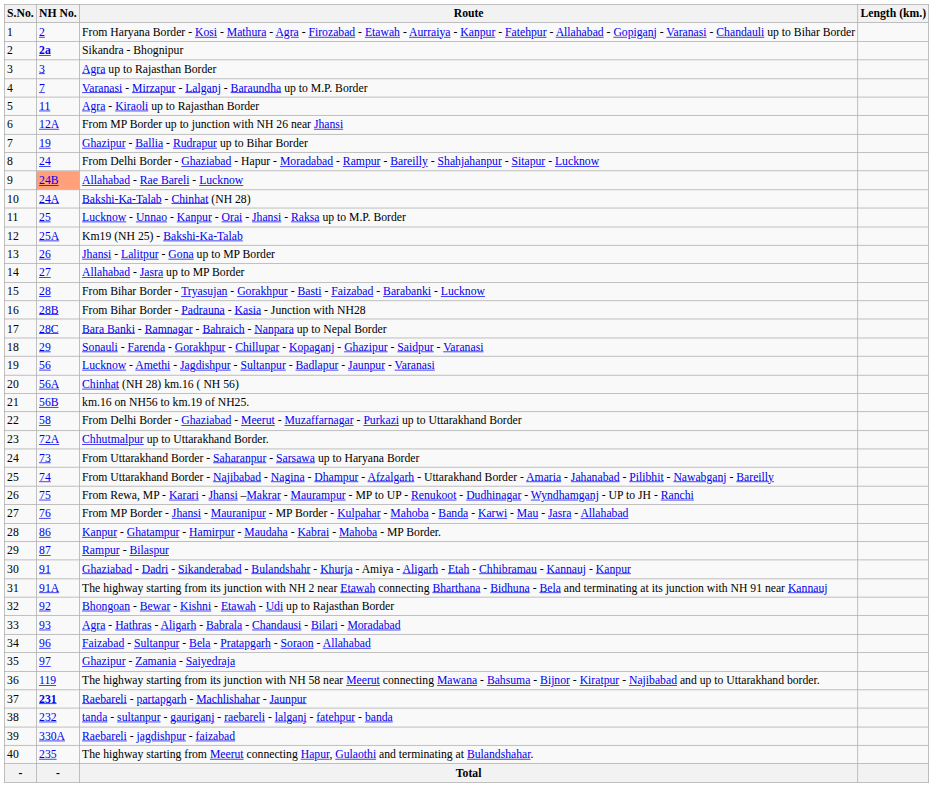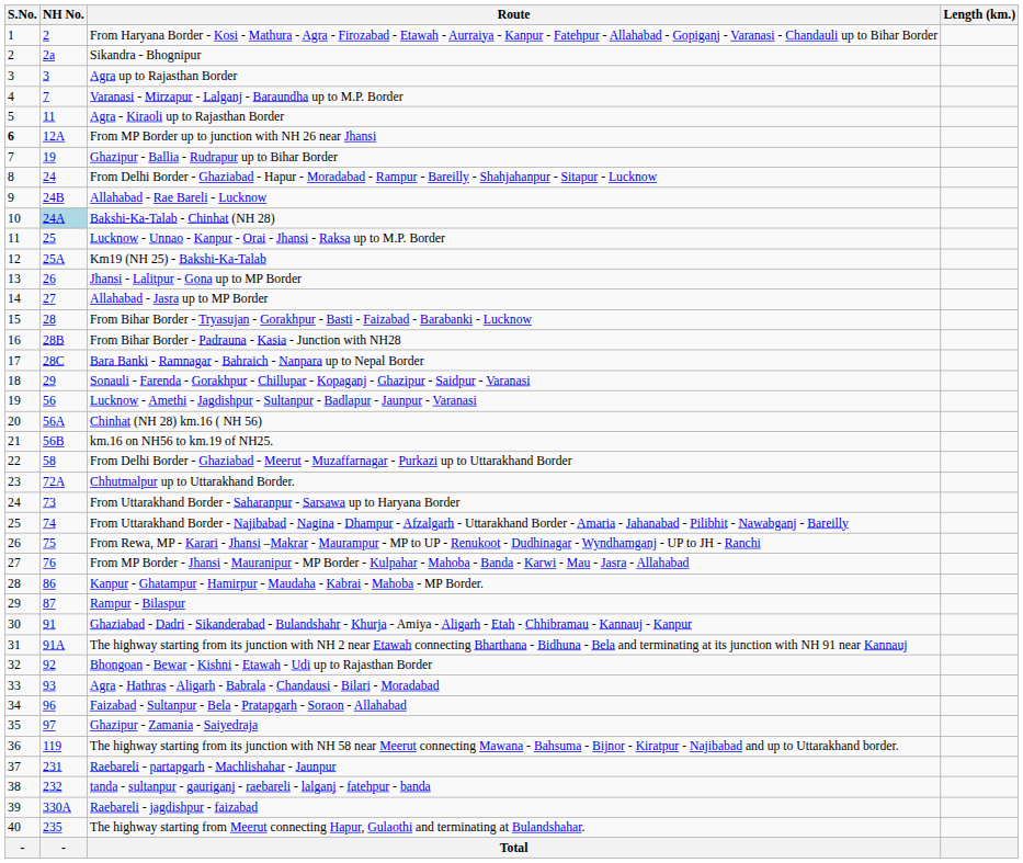 <table class="wikitable">
 <tr>
 <th>S.No.</th>
 <th>NH No.</th>
 <th>Route</th>
 <th>Length (km.)</th>
 </tr>
 <tr>
 <td>1</td>
 <td><a href='#'>2</a></td>
 <td>From Haryana Border - <a href='#'>Kosi</a> - <a href='#'>Mathura</a> - <a href='#'>Agra</a> - <a href='#'>Firozabad</a> - <a href='#'>Etawah</a> - <a href='#'>Aurraiya</a> - <a href='#'>Kanpur</a> - <a href='#'>Fatehpur</a> - <a href='#'>Allahabad</a> - <a href='#'>Gopiganj</a> - <a href='#'>Varanasi</a> - <a href='#'>Chandauli</a> up to Bihar Border</td>
 <td></td>
 </tr>
 <tr>
 <td>2</td>
-<td><strong><a href='#'>2a</a></strong></td>
+<td><a href='#'>2a</a></td>
 <td>Sikandra - Bhognipur</td>
 <td></td>
 </tr>
 <tr>
 <td>3</td>
 <td><a href='#'>3</a></td>
 <td><a href='#'>Agra</a> up to Rajasthan Border</td>
 <td></td>
 </tr>
 <tr>
 <td>4</td>
 <td><a href='#'>7</a></td>
 <td><a href='#'>Varanasi</a> - <a href='#'>Mirzapur</a> - <a href='#'>Lalganj</a> - <a href='#'>Baraundha</a> up to M.P. Border</td>
 <td></td>
 </tr>
 <tr>
 <td>5</td>
 <td><a href='#'>11</a></td>
 <td><a href='#'>Agra</a> - <a href='#'>Kiraoli</a> up to Rajasthan Border</td>
 <td></td>
 </tr>
 <tr>
-<td>6</td>
+<td><strong>6</strong></td>
 <td><a href='#'>12A</a></td>
 <td>From MP Border up to junction with NH 26 near <a href='#'>Jhansi</a></td>
 <td></td>
 </tr>
 <tr>
 <td>7</td>
 <td><a href='#'>19</a></td>
 <td><a href='#'>Ghazipur</a> - <a href='#'>Ballia</a> - <a href='#'>Rudrapur</a> up to Bihar Border</td>
 <td></td>
 </tr>
 <tr>
 <td>8</td>
 <td><a href='#'>24</a></td>
 <td>From Delhi Border - <a href='#'>Ghaziabad</a> - Hapur - <a href='#'>Moradabad</a> - <a href='#'>Rampur</a> - <a href='#'>Bareilly</a> - <a href='#'>Shahjahanpur</a> - <a href='#'>Sitapur</a> - <a href='#'>Lucknow</a></td>
 <td></td>
 </tr>
 <tr>
 <td>9</td>
-<td style="background: lightsalmon;"><a href='#'>24B</a></td>
+<td><a href='#'>24B</a></td>
 <td><a href='#'>Allahabad</a> - <a href='#'>Rae Bareli</a> - <a href='#'>Lucknow</a></td>
 <td></td>
 </tr>
 <tr>
 <td>10</td>
-<td><a href='#'>24A</a></td>
+<td style="background: lightblue;"><a href='#'>24A</a></td>
 <td><a href='#'>Bakshi-Ka-Talab</a> - <a href='#'>Chinhat</a> (NH 28)</td>
 <td></td>
 </tr>
 <tr>
 <td>11</td>
 <td><a href='#'>25</a></td>
 <td><a href='#'>Lucknow</a> - <a href='#'>Unnao</a> - <a href='#'>Kanpur</a> - <a href='#'>Orai</a> - <a href='#'>Jhansi</a> - <a href='#'>Raksa</a> up to M.P. Border</td>
 <td></td>
 </tr>
 <tr>
 <td>12</td>
 <td><a href='#'>25A</a></td>
 <td>Km19 (NH 25) - <a href='#'>Bakshi-Ka-Talab</a></td>
 <td></td>
 </tr>
 <tr>
 <td>13</td>
 <td><a href='#'>26</a></td>
 <td><a href='#'>Jhansi</a> - <a href='#'>Lalitpur</a> - <a href='#'>Gona</a> up to MP Border</td>
 <td></td>
 </tr>
 <tr>
 <td>14</td>
 <td><a href='#'>27</a></td>
 <td><a href='#'>Allahabad</a> - <a href='#'>Jasra</a> up to MP Border</td>
 <td></td>
 </tr>
 <tr>
 <td>15</td>
 <td><a href='#'>28</a></td>
 <td>From Bihar Border - <a href='#'>Tryasujan</a> - <a href='#'>Gorakhpur</a> - <a href='#'>Basti</a> - <a href='#'>Faizabad</a> - <a href='#'>Barabanki</a> - <a href='#'>Lucknow</a></td>
 <td></td>
 </tr>
 <tr>
 <td>16</td>
 <td><a href='#'>28B</a></td>
 <td>From Bihar Border - <a href='#'>Padrauna</a> - <a href='#'>Kasia</a> - Junction with NH28</td>
 <td></td>
 </tr>
 <tr>
 <td>17</td>
 <td><a href='#'>28C</a></td>
 <td><a href='#'>Bara Banki</a> - <a href='#'>Ramnagar</a> - <a href='#'>Bahraich</a> - <a href='#'>Nanpara</a> up to Nepal Border</td>
 <td></td>
 </tr>
 <tr>
 <td>18</td>
 <td><a href='#'>29</a></td>
 <td><a href='#'>Sonauli</a> - <a href='#'>Farenda</a> - <a href='#'>Gorakhpur</a> - <a href='#'>Chillupar</a> - <a href='#'>Kopaganj</a> - <a href='#'>Ghazipur</a> - <a href='#'>Saidpur</a> - <a href='#'>Varanasi</a></td>
 <td></td>
 </tr>
 <tr>
 <td>19</td>
 <td><a href='#'>56</a></td>
 <td><a href='#'>Lucknow</a> - <a href='#'>Amethi</a> - <a href='#'>Jagdishpur</a> - <a href='#'>Sultanpur</a> - <a href='#'>Badlapur</a> - <a href='#'>Jaunpur</a> - <a href='#'>Varanasi</a></td>
 <td></td>
 </tr>
 <tr>
 <td>20</td>
 <td><a href='#'>56A</a></td>
 <td><a href='#'>Chinhat</a> (NH 28) km.16 ( NH 56)</td>
 <td></td>
 </tr>
 <tr>
 <td>21</td>
 <td><a href='#'>56B</a></td>
 <td>km.16 on NH56 to km.19 of NH25.</td>
 <td></td>
 </tr>
 <tr>
 <td>22</td>
 <td><a href='#'>58</a></td>
 <td>From Delhi Border - <a href='#'>Ghaziabad</a> - <a href='#'>Meerut</a> - <a href='#'>Muzaffarnagar</a> - <a href='#'>Purkazi</a> up to Uttarakhand Border</td>
 <td></td>
 </tr>
 <tr>
 <td>23</td>
 <td><a href='#'>72A</a></td>
 <td><a href='#'>Chhutmalpur</a> up to Uttarakhand Border.</td>
 <td></td>
 </tr>
 <tr>
 <td>24</td>
 <td><a href='#'>73</a></td>
 <td>From Uttarakhand Border - <a href='#'>Saharanpur</a> - <a href='#'>Sarsawa</a> up to Haryana Border</td>
 <td></td>
 </tr>
 <tr>
 <td>25</td>
 <td><a href='#'>74</a></td>
 <td>From Uttarakhand Border - <a href='#'>Najibabad</a> - <a href='#'>Nagina</a> - <a href='#'>Dhampur</a> - <a href='#'>Afzalgarh</a> - Uttarakhand Border - <a href='#'>Amaria</a> - <a href='#'>Jahanabad</a> - <a href='#'>Pilibhit</a> - <a href='#'>Nawabganj</a> - <a href='#'>Bareilly</a></td>
 <td></td>
 </tr>
 <tr>
 <td>26</td>
 <td><a href='#'>75</a></td>
 <td>From Rewa, MP - <a href='#'>Karari</a> - <a href='#'>Jhansi</a> –<a href='#'>Makrar</a> - <a href='#'>Maurampur</a> - MP to UP  - <a href='#'>Renukoot</a> - <a href='#'>Dudhinagar</a> - <a href='#'>Wyndhamganj</a> - UP to JH  - <a href='#'>Ranchi</a></td>
 <td></td>
 </tr>
 <tr>
 <td>27</td>
 <td><a href='#'>76</a></td>
 <td>From MP Border - <a href='#'>Jhansi</a> - <a href='#'>Mauranipur</a> - MP Border - <a href='#'>Kulpahar</a> - <a href='#'>Mahoba</a> - <a href='#'>Banda</a> - <a href='#'>Karwi</a> - <a href='#'>Mau</a> - <a href='#'>Jasra</a> - <a href='#'>Allahabad</a></td>
 <td></td>
 </tr>
 <tr>
 <td>28</td>
 <td><a href='#'>86</a></td>
 <td><a href='#'>Kanpur</a> - <a href='#'>Ghatampur</a> - <a href='#'>Hamirpur</a> - <a href='#'>Maudaha</a> - <a href='#'>Kabrai</a> - <a href='#'>Mahoba</a> - MP Border.</td>
 <td></td>
 </tr>
 <tr>
 <td>29</td>
 <td><a href='#'>87</a></td>
 <td><a href='#'>Rampur</a> - <a href='#'>Bilaspur</a></td>
 <td></td>
 </tr>
 <tr>
 <td>30</td>
 <td><a href='#'>91</a></td>
 <td><a href='#'>Ghaziabad</a> - <a href='#'>Dadri</a> - <a href='#'>Sikanderabad</a> - <a href='#'>Bulandshahr</a> - <a href='#'>Khurja</a> - Amiya - <a href='#'>Aligarh</a> - <a href='#'>Etah</a> - <a href='#'>Chhibramau</a> - <a href='#'>Kannauj</a> - <a href='#'>Kanpur</a></td>
 <td></td>
 </tr>
 <tr>
 <td>31</td>
 <td><a href='#'>91A</a></td>
 <td>The highway starting from its junction with NH 2 near <a href='#'>Etawah</a> connecting <a href='#'>Bharthana</a> - <a href='#'>Bidhuna</a> - <a href='#'>Bela</a> and terminating at its junction with NH 91 near <a href='#'>Kannauj</a></td>
 <td></td>
 </tr>
 <tr>
 <td>32</td>
 <td><a href='#'>92</a></td>
 <td><a href='#'>Bhongoan</a> - <a href='#'>Bewar</a> - <a href='#'>Kishni</a> - <a href='#'>Etawah</a> - <a href='#'>Udi</a> up to Rajasthan Border</td>
 <td></td>
 </tr>
 <tr>
 <td>33</td>
 <td><a href='#'>93</a></td>
 <td><a href='#'>Agra</a> - <a href='#'>Hathras</a> - <a href='#'>Aligarh</a> - <a href='#'>Babrala</a> - <a href='#'>Chandausi</a> - <a href='#'>Bilari</a> - <a href='#'>Moradabad</a></td>
 <td></td>
 </tr>
 <tr>
 <td>34</td>
 <td><a href='#'>96</a></td>
 <td><a href='#'>Faizabad</a> - <a href='#'>Sultanpur</a> - <a href='#'>Bela</a> - <a href='#'>Pratapgarh</a> - <a href='#'>Soraon</a> - <a href='#'>Allahabad</a></td>
 <td></td>
 </tr>
 <tr>
 <td>35</td>
 <td><a href='#'>97</a></td>
 <td><a href='#'>Ghazipur</a> - <a href='#'>Zamania</a> - <a href='#'>Saiyedraja</a></td>
 <td></td>
 </tr>
 <tr>
 <td>36</td>
 <td><a href='#'>119</a></td>
 <td>The highway starting from its junction with NH 58 near <a href='#'>Meerut</a> connecting <a href='#'>Mawana</a> - <a href='#'>Bahsuma</a> - <a href='#'>Bijnor</a> - <a href='#'>Kiratpur</a> - <a href='#'>Najibabad</a> and up to Uttarakhand border.</td>
 <td></td>
 </tr>
 <tr>
 <td>37</td>
-<td><strong><a href='#'>231</a></strong></td>
+<td><a href='#'>231</a></td>
 <td><a href='#'>Raebareli</a> - <a href='#'>partapgarh</a> - <a href='#'>Machlishahar</a> - <a href='#'>Jaunpur</a></td>
 <td></td>
 </tr>
 <tr>
 <td>38</td>
 <td><a href='#'>232</a></td>
 <td><a href='#'>tanda</a> - <a href='#'>sultanpur</a> - <a href='#'>gauriganj</a> - <a href='#'>raebareli</a> - <a href='#'>lalganj</a> - <a href='#'>fatehpur</a>  - <a href='#'>banda</a></td>
 <td></td>
 </tr>
 <tr>
 <td>39</td>
 <td><a href='#'>330A</a></td>
 <td><a href='#'>Raebareli</a> - <a href='#'>jagdishpur</a> - <a href='#'>faizabad</a></td>
 <td></td>
 </tr>
 <tr>
 <td>40</td>
 <td><a href='#'>235</a></td>
 <td>The highway starting from <a href='#'>Meerut</a> connecting <a href='#'>Hapur</a>, <a href='#'>Gulaothi</a> and terminating at <a href='#'>Bulandshahar</a>.</td>
 <td></td>
 </tr>
 <tr>
 <th>-</th>
 <th>-</th>
 <th><strong>Total</strong></th>
 <th></th>
 </tr>
 </table>
